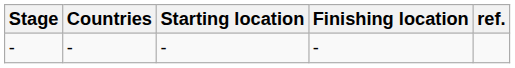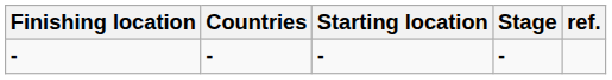 <table class="wikitable">
 <tr>
-<th>Stage</th>
+<th>Finishing location</th>
 <th>Countries</th>
 <th>Starting location</th>
-<th>Finishing location</th>
+<th>Stage</th>
 <th>ref.</th>
 </tr>
 <tr>
 <td>-</td>
 <td>-</td>
 <td>-</td>
 <td>-</td>
 <td></td>
 </tr>
 </table>
